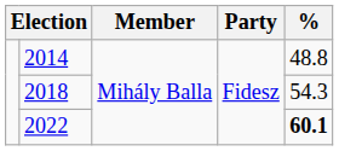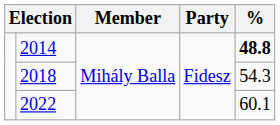 <table class=wikitable>
 <tr>
 <th colspan=2>Election</th>
 <th>Member</th>
 <th>Party</th>
 <th>%</th>
 </tr>
 <tr>
 <td rowspan=3 bgcolor=></td>
 <td><a href='#'>2014</a></td>
 <td rowspan=3><a href='#'>Mihály Balla</a></td>
 <td rowspan=3><a href='#'>Fidesz</a></td>
-<td align=right>48.8</td>
+<td align=right><strong>48.8</strong></td>
 </tr>
 <tr>
 <td><a href='#'>2018</a></td>
 <td align=right>54.3</td>
 </tr>
 <tr>
 <td><a href='#'>2022</a></td>
-<td align=right><strong>60.1</strong></td>
+<td align=right>60.1</td>
 </tr>
 </table>
